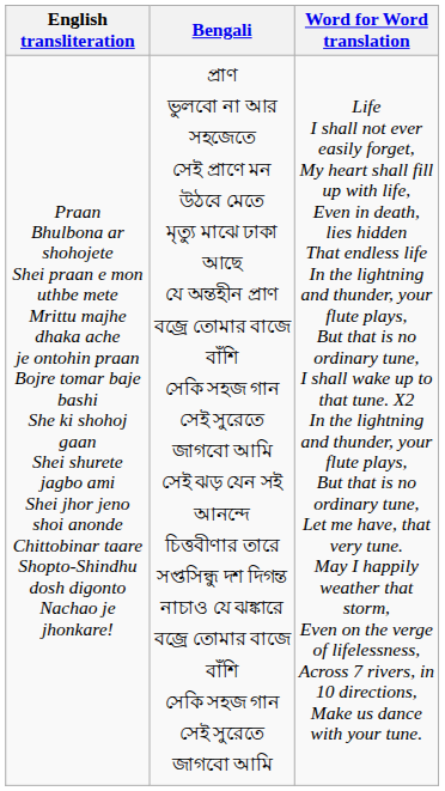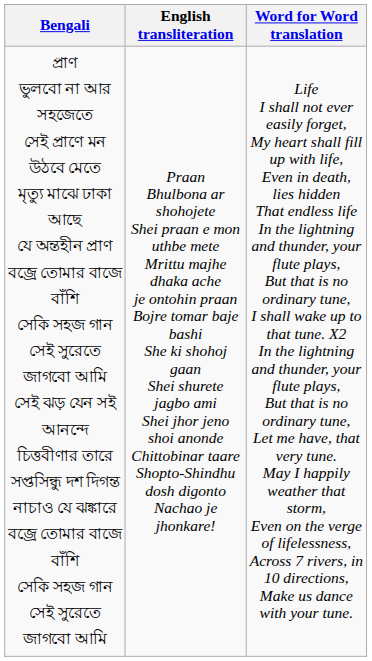 <table class="wikitable" style="text-align: center; width: 60%; margin: auto;">
 <tr>
+<th style="width: 33%;"><a href='#'>Bengali</a></th>
 <th style="width: 33%;">English <a href='#'>transliteration</a></th>
-<th style="width: 33%;"><a href='#'>Bengali</a></th>
 <th style="width: 33%;"><a href='#'>Word for Word</a> <a href='#'>translation</a></th>
 </tr>
 <tr>
+<td>প্রাণ<br>ভুলবো না আর সহজেতে<br>সেই প্রাণে মন উঠবে মেতে<br>মৃত্যু মাঝে ঢাকা আছে<br>যে অন্তহীন প্রাণ<br>বজ্রে তোমার বাজে বাঁশি<br>সেকি সহজ গান<br>সেই সুরেতে জাগবো আমি<br>সেই ঝড় যেন সই আনন্দে<br>চিত্তবীণার তারে<br>সপ্তসিন্ধু দশ দিগন্ত<br>নাচাও যে ঝঙ্কারে<br>বজ্রে তোমার বাজে বাঁশি<br>সেকি সহজ গান<br>সেই সুরেতে জাগবো আমি</td>
 <td><em>Praan</em><br><em>Bhulbona ar shohojete</em><br><em>Shei praan e mon uthbe mete</em><br><em>Mrittu majhe dhaka ache</em><br><em>je ontohin praan</em><br><em>Bojre tomar baje bashi</em><br><em>She ki shohoj gaan</em><br><em>Shei shurete jagbo ami</em><br><em>Shei jhor jeno shoi anonde</em><br><em>Chittobinar taare</em><br><em>Shopto-Shindhu dosh digonto</em><br><em>Nachao je jhonkare!</em></td>
-<td>প্রাণ<br>ভুলবো না আর সহজেতে<br>সেই প্রাণে মন উঠবে মেতে<br>মৃত্যু মাঝে ঢাকা আছে<br>যে অন্তহীন প্রাণ<br>বজ্রে তোমার বাজে বাঁশি<br>সেকি সহজ গান<br>সেই সুরেতে জাগবো আমি<br>সেই ঝড় যেন সই আনন্দে<br>চিত্তবীণার তারে<br>সপ্তসিন্ধু দশ দিগন্ত<br>নাচাও যে ঝঙ্কারে<br>বজ্রে তোমার বাজে বাঁশি<br>সেকি সহজ গান<br>সেই সুরেতে জাগবো আমি</td>
 <td><em>Life</em><br><em>I shall not ever easily forget,</em><br><em>My heart shall fill up with life,</em><br><em>Even in death, lies hidden</em><br><em>That endless life</em><br><em>In the lightning and thunder, your flute plays,</em><br><em>But that is no ordinary tune,</em><br><em>I shall wake up to that tune. X2</em><br><em>In the lightning and thunder, your flute plays,</em><br><em>But that is no ordinary tune,</em><br><em>Let me have, that very tune.</em><br><em>May I happily weather that storm,</em><br><em>Even on the verge of lifelessness,</em><br><em>Across 7 rivers, in 10 directions,</em><br><em>Make us dance with your tune.</em></td>
 </tr>
 </table>
